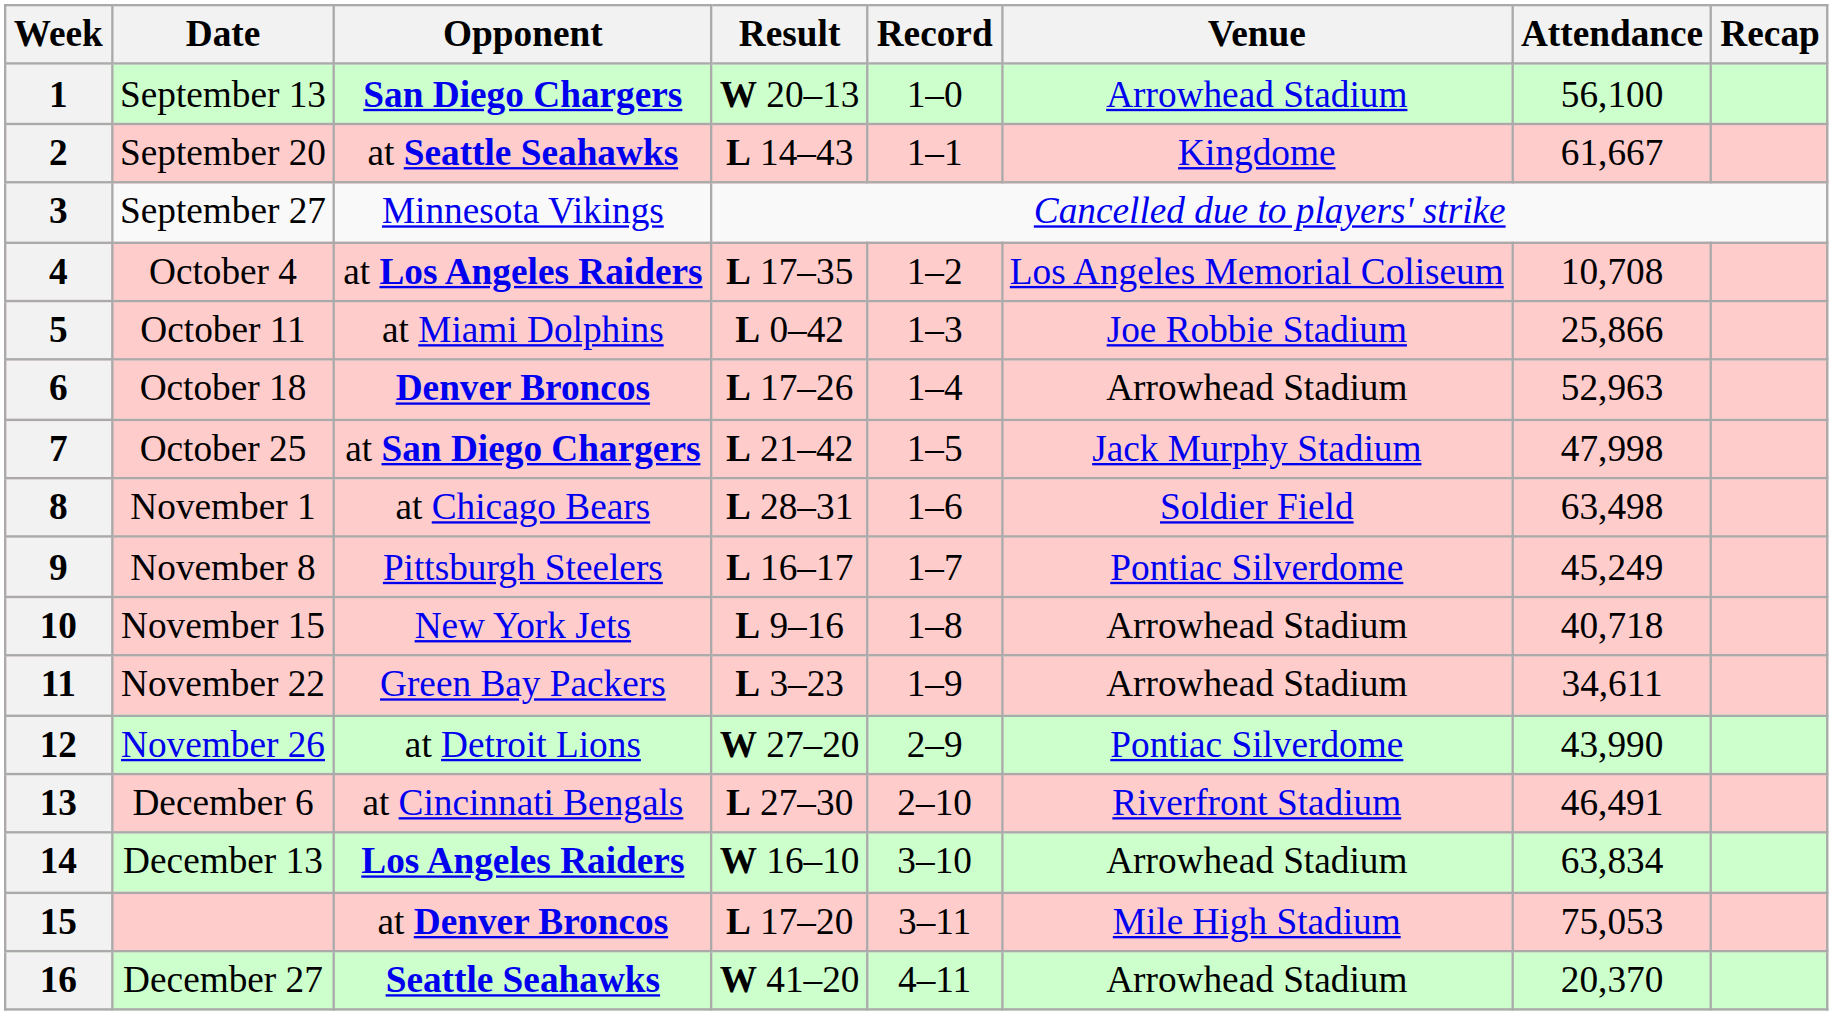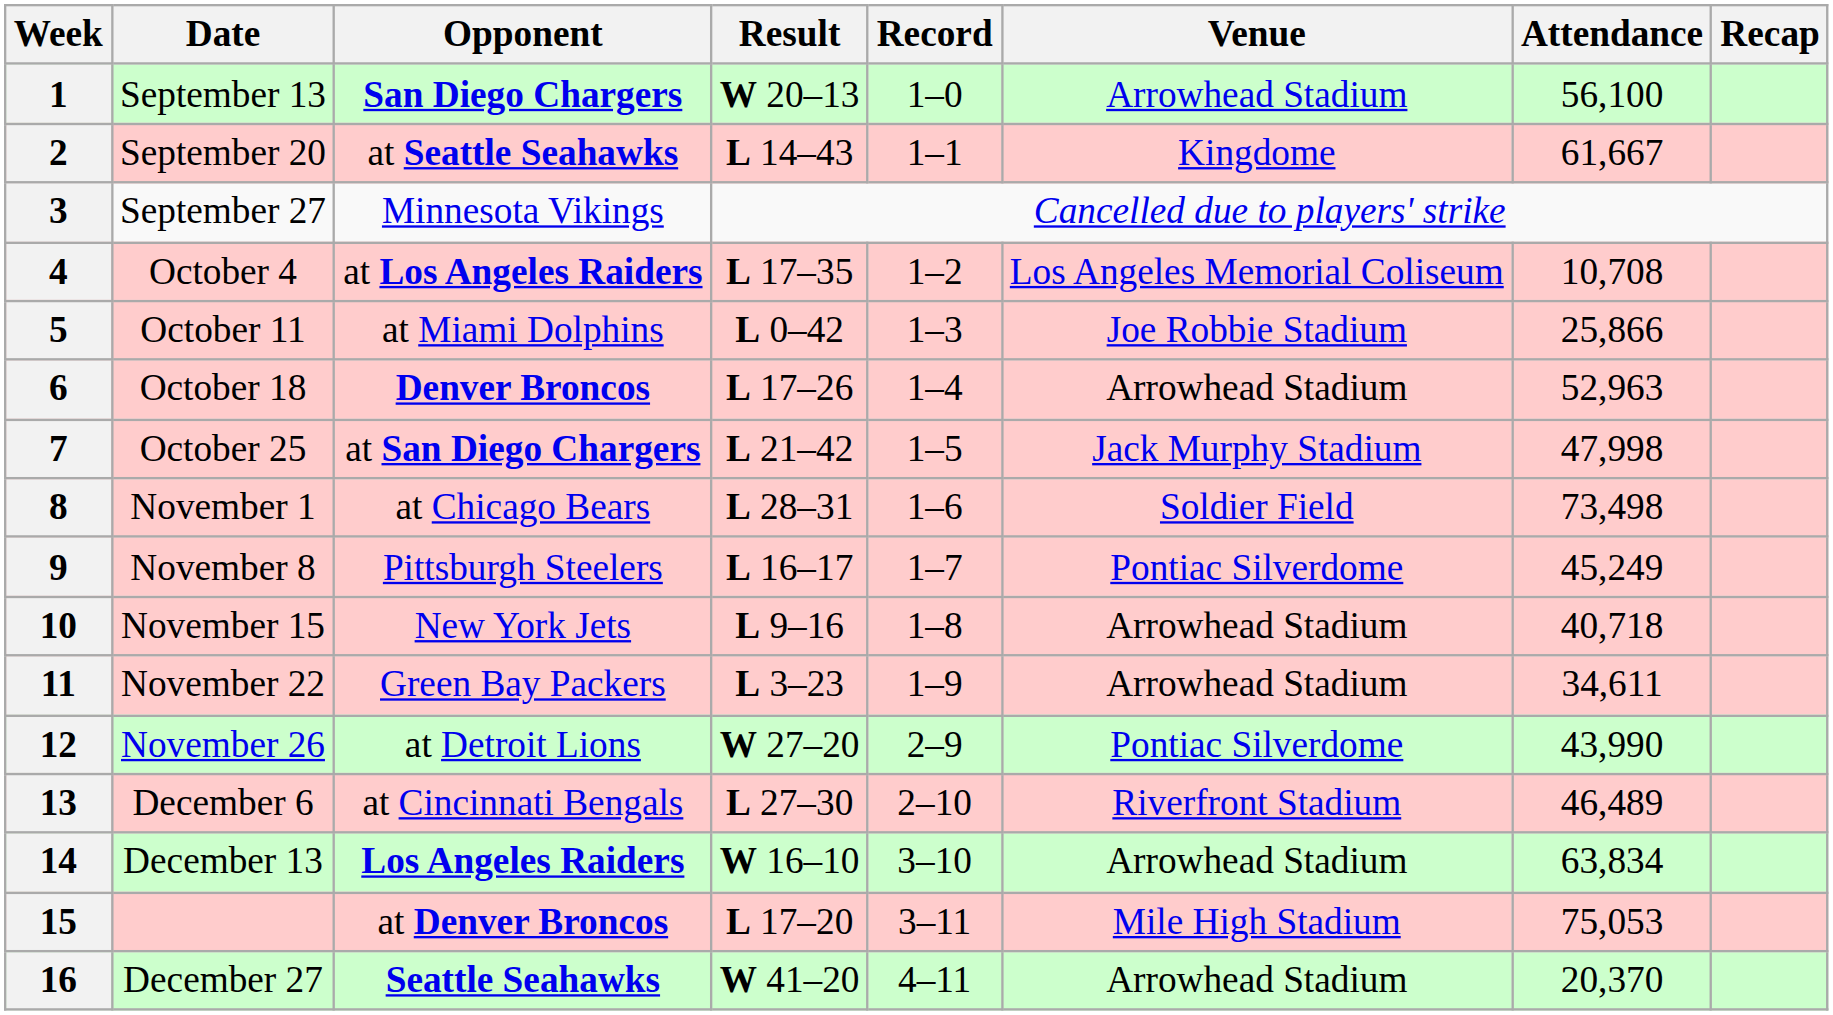 <table class="wikitable" style="text-align:center">
 <tr>
 <th>Week</th>
 <th>Date</th>
 <th>Opponent</th>
 <th>Result</th>
 <th>Record</th>
 <th>Venue</th>
 <th>Attendance</th>
 <th>Recap</th>
 </tr>
 <tr style="background:#cfc">
 <th>1</th>
 <td>September 13</td>
 <td><strong><a href='#'>San Diego Chargers</a></strong></td>
 <td><strong>W</strong> 20–13</td>
 <td>1–0</td>
 <td><a href='#'>Arrowhead Stadium</a></td>
 <td>56,100</td>
 <td></td>
 </tr>
 <tr style="background:#fcc">
 <th>2</th>
 <td>September 20</td>
 <td>at <strong><a href='#'>Seattle Seahawks</a></strong></td>
 <td><strong>L</strong> 14–43</td>
 <td>1–1</td>
 <td><a href='#'>Kingdome</a></td>
 <td>61,667</td>
 <td></td>
 </tr>
 <tr style="background:">
 <th>3</th>
 <td>September 27</td>
 <td><a href='#'>Minnesota Vikings</a></td>
 <td colspan="5"><em><a href='#'>Cancelled due to players' strike</a></em></td>
 </tr>
 <tr style="background:#fcc">
 <th>4</th>
 <td>October 4</td>
 <td>at <strong><a href='#'>Los Angeles Raiders</a></strong></td>
 <td><strong>L</strong> 17–35</td>
 <td>1–2</td>
 <td><a href='#'>Los Angeles Memorial Coliseum</a></td>
 <td>10,708</td>
 <td></td>
 </tr>
 <tr style="background:#fcc">
 <th>5</th>
 <td>October 11</td>
 <td>at <a href='#'>Miami Dolphins</a></td>
 <td><strong>L</strong> 0–42</td>
 <td>1–3</td>
 <td><a href='#'>Joe Robbie Stadium</a></td>
 <td>25,866</td>
 <td></td>
 </tr>
 <tr style="background:#fcc">
 <th>6</th>
 <td>October 18</td>
 <td><strong><a href='#'>Denver Broncos</a></strong></td>
 <td><strong>L</strong> 17–26</td>
 <td>1–4</td>
 <td>Arrowhead Stadium</td>
 <td>52,963</td>
 <td></td>
 </tr>
 <tr style="background:#fcc">
 <th>7</th>
 <td>October 25</td>
 <td>at <strong><a href='#'>San Diego Chargers</a></strong></td>
 <td><strong>L</strong> 21–42</td>
 <td>1–5</td>
 <td><a href='#'>Jack Murphy Stadium</a></td>
 <td>47,998</td>
 <td></td>
 </tr>
 <tr style="background:#fcc">
 <th>8</th>
 <td>November 1</td>
 <td>at <a href='#'>Chicago Bears</a></td>
 <td><strong>L</strong> 28–31</td>
 <td>1–6</td>
 <td><a href='#'>Soldier Field</a></td>
-<td>63,498</td>
+<td>73,498</td>
 <td></td>
 </tr>
 <tr style="background:#fcc">
 <th>9</th>
 <td>November 8</td>
 <td><a href='#'>Pittsburgh Steelers</a></td>
 <td><strong>L</strong> 16–17</td>
 <td>1–7</td>
 <td><a href='#'>Pontiac Silverdome</a></td>
 <td>45,249</td>
 <td></td>
 </tr>
 <tr style="background:#fcc">
 <th>10</th>
 <td>November 15</td>
 <td><a href='#'>New York Jets</a></td>
 <td><strong>L</strong> 9–16</td>
 <td>1–8</td>
 <td>Arrowhead Stadium</td>
 <td>40,718</td>
 <td></td>
 </tr>
 <tr style="background:#fcc">
 <th>11</th>
 <td>November 22</td>
 <td><a href='#'>Green Bay Packers</a></td>
 <td><strong>L</strong> 3–23</td>
 <td>1–9</td>
 <td>Arrowhead Stadium</td>
 <td>34,611</td>
 <td></td>
 </tr>
 <tr style="background:#cfc">
 <th>12</th>
 <td><a href='#'>November 26</a></td>
 <td>at <a href='#'>Detroit Lions</a></td>
 <td><strong>W</strong> 27–20</td>
 <td>2–9</td>
 <td><a href='#'>Pontiac Silverdome</a></td>
 <td>43,990</td>
 <td></td>
 </tr>
 <tr style="background:#fcc">
 <th>13</th>
 <td>December 6</td>
 <td>at <a href='#'>Cincinnati Bengals</a></td>
 <td><strong>L</strong> 27–30 </td>
 <td>2–10</td>
 <td><a href='#'>Riverfront Stadium</a></td>
-<td>46,491</td>
+<td>46,489</td>
 <td></td>
 </tr>
 <tr style="background:#cfc">
 <th>14</th>
 <td>December 13</td>
 <td><strong><a href='#'>Los Angeles Raiders</a></strong></td>
 <td><strong>W</strong> 16–10</td>
 <td>3–10</td>
 <td>Arrowhead Stadium</td>
 <td>63,834</td>
 <td></td>
 </tr>
 <tr style="background:#fcc">
 <th>15</th>
 <td></td>
 <td>at <strong><a href='#'>Denver Broncos</a></strong></td>
 <td><strong>L</strong> 17–20</td>
 <td>3–11</td>
 <td><a href='#'>Mile High Stadium</a></td>
 <td>75,053</td>
 <td></td>
 </tr>
 <tr style="background:#cfc">
 <th>16</th>
 <td>December 27</td>
 <td><strong><a href='#'>Seattle Seahawks</a></strong></td>
 <td><strong>W</strong> 41–20</td>
 <td>4–11</td>
 <td>Arrowhead Stadium</td>
 <td>20,370</td>
 <td></td>
 </tr>
 </table>
